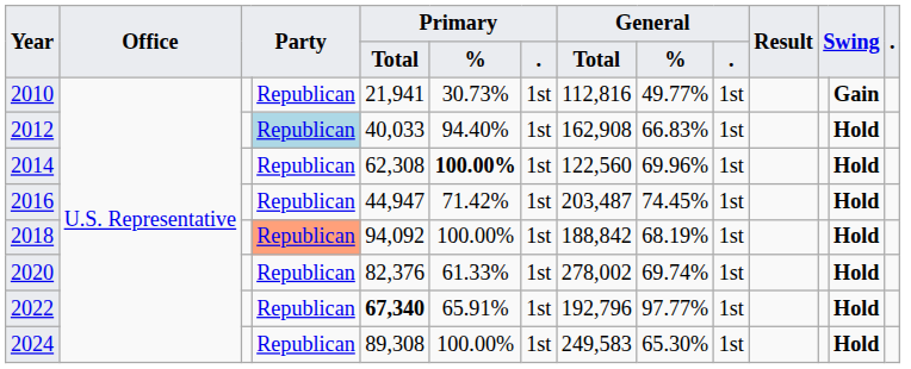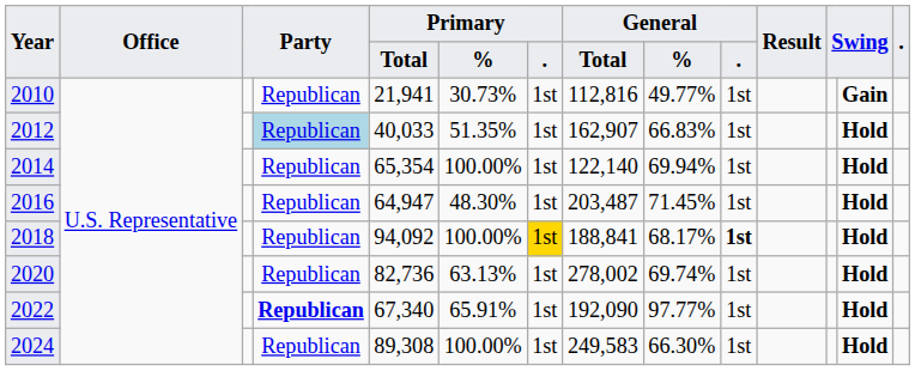 <table class="wikitable" style="font-size:90%; text-align:center;">
 <tr>
 <th style="background-color:#EAECF0;" rowspan=2>Year</th>
 <th style="background-color:#EAECF0;" rowspan=2>Office</th>
 <th style="background-color:#EAECF0;" colspan=2 rowspan=2>Party</th>
 <th style="background-color:#EAECF0;" colspan=3>Primary</th>
 <th style="background-color:#EAECF0;" colspan=3>General</th>
 <th style="background-color:#EAECF0;" rowspan=2>Result</th>
 <th style="background-color:#EAECF0;" colspan=2 rowspan=2><a href='#'>Swing</a></th>
 <th style="background-color:#EAECF0;" rowspan=2>.</th>
 </tr>
 <tr>
 <th style="background-color:#EAECF0;">Total</th>
 <th style="background-color:#EAECF0;">%</th>
 <th style="background-color:#EAECF0;">.</th>
 <th style="background-color:#EAECF0;">Total</th>
 <th style="background-color:#EAECF0;">%</th>
 <th style="background-color:#EAECF0;">.</th>
 </tr>
 <tr>
 <td style="background-color:#EAECF0;"><a href='#'>2010</a></td>
 <td rowspan="8"><a href='#'>U.S. Representative</a></td>
 <td style="background-color:"></td>
 <td><a href='#'>Republican</a></td>
 <td>21,941</td>
 <td>30.73%</td>
 <td>1st</td>
 <td>112,816</td>
 <td>49.77%</td>
 <td>1st</td>
 <td></td>
 <td style="background-color:"></td>
 <td><strong>Gain</strong></td>
 <td></td>
 </tr>
 <tr>
 <td style="background-color:#EAECF0;"><a href='#'>2012</a></td>
 <td style="background-color:"></td>
 <td style="background: lightblue;"><a href='#'>Republican</a></td>
 <td>40,033</td>
-<td>94.40%</td>
+<td>51.35%</td>
 <td>1st</td>
-<td>162,908</td>
+<td>162,907</td>
 <td>66.83%</td>
 <td>1st</td>
 <td></td>
 <td style="background-color:"></td>
 <td><strong>Hold</strong></td>
 <td></td>
 </tr>
 <tr>
 <td style="background-color:#EAECF0;"><a href='#'>2014</a></td>
 <td style="background-color:"></td>
 <td><a href='#'>Republican</a></td>
-<td>62,308</td>
-<td><strong>100.00%</strong></td>
+<td>65,354</td>
+<td>100.00%</td>
 <td>1st</td>
-<td>122,560</td>
-<td>69.96%</td>
+<td>122,140</td>
+<td>69.94%</td>
 <td>1st</td>
 <td></td>
 <td style="background-color:"></td>
 <td><strong>Hold</strong></td>
 <td></td>
 </tr>
 <tr>
 <td style="background-color:#EAECF0;"><a href='#'>2016</a></td>
 <td style="background-color:"></td>
 <td><a href='#'>Republican</a></td>
-<td>44,947</td>
-<td>71.42%</td>
+<td>64,947</td>
+<td>48.30%</td>
 <td>1st</td>
 <td>203,487</td>
-<td>74.45%</td>
+<td>71.45%</td>
 <td>1st</td>
 <td></td>
 <td style="background-color:"></td>
 <td><strong>Hold</strong></td>
 <td></td>
 </tr>
 <tr>
 <td style="background-color:#EAECF0;"><a href='#'>2018</a></td>
 <td style="background-color:"></td>
-<td style="background: lightsalmon;"><a href='#'>Republican</a></td>
+<td><a href='#'>Republican</a></td>
 <td>94,092</td>
 <td>100.00%</td>
-<td>1st</td>
-<td>188,842</td>
-<td>68.19%</td>
-<td>1st</td>
+<td style="background: gold;">1st</td>
+<td>188,841</td>
+<td>68.17%</td>
+<td><strong>1st</strong></td>
 <td></td>
 <td style="background-color:"></td>
 <td><strong>Hold</strong></td>
 <td></td>
 </tr>
 <tr>
 <td style="background-color:#EAECF0;"><a href='#'>2020</a></td>
 <td style="background-color:"></td>
 <td><a href='#'>Republican</a></td>
-<td>82,376</td>
-<td>61.33%</td>
+<td>82,736</td>
+<td>63.13%</td>
 <td>1st</td>
 <td>278,002</td>
 <td>69.74%</td>
 <td>1st</td>
 <td></td>
 <td style="background-color:"></td>
 <td><strong>Hold</strong></td>
 <td></td>
 </tr>
 <tr>
 <td style="background-color:#EAECF0;"><a href='#'>2022</a></td>
 <td style="background-color:"></td>
-<td><a href='#'>Republican</a></td>
-<td><strong>67,340</strong></td>
+<td><strong><a href='#'>Republican</a></strong></td>
+<td>67,340</td>
 <td>65.91%</td>
 <td>1st</td>
-<td>192,796</td>
+<td>192,090</td>
 <td>97.77%</td>
 <td>1st</td>
 <td></td>
 <td style="background-color:"></td>
 <td><strong>Hold</strong></td>
 <td></td>
 </tr>
 <tr>
 <td style="background-color:#EAECF0;"><a href='#'>2024</a></td>
 <td style="background-color:"></td>
 <td><a href='#'>Republican</a></td>
 <td>89,308</td>
 <td>100.00%</td>
 <td>1st</td>
 <td>249,583</td>
-<td>65.30%</td>
+<td>66.30%</td>
 <td>1st</td>
 <td></td>
 <td style="background-color:"></td>
 <td><strong>Hold</strong></td>
 <td></td>
 </tr>
 </table>
